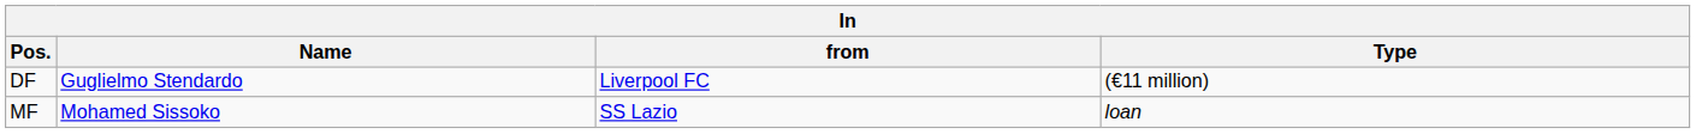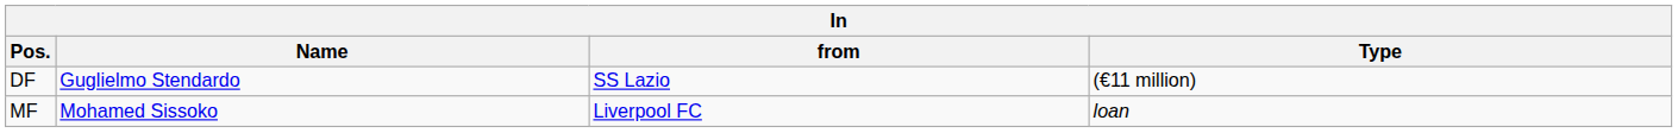 <table class="wikitable" style="font-size:90%;width:99%;">
 <tr>
 <th colspan="4">In</th>
 </tr>
 <tr>
 <th width=3%>Pos.</th>
 <th width=32%>Name</th>
 <th width=30%>from</th>
 <th width=35%>Type</th>
 </tr>
 <tr>
 <td>DF</td>
 <td><a href='#'>Guglielmo Stendardo</a></td>
-<td><a href='#'>Liverpool FC</a></td>
+<td><a href='#'>SS Lazio</a></td>
 <td>(€11 million)</td>
 </tr>
 <tr>
 <td>MF</td>
 <td><a href='#'>Mohamed Sissoko</a></td>
-<td><a href='#'>SS Lazio</a></td>
+<td><a href='#'>Liverpool FC</a></td>
 <td><em>loan</em></td>
 </tr>
 </table>
